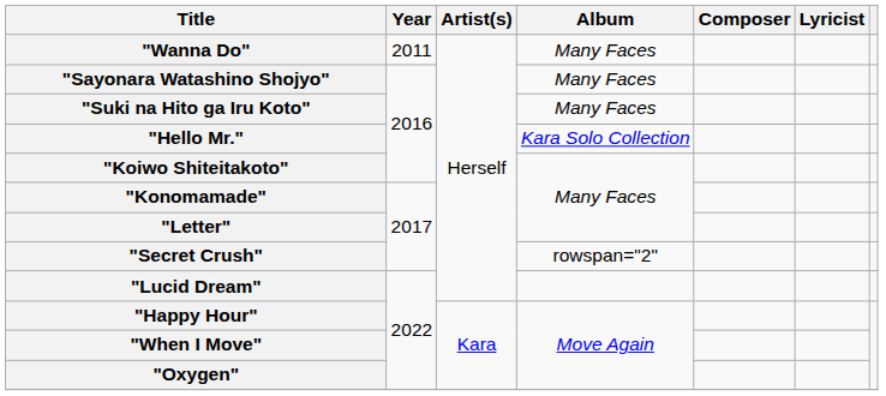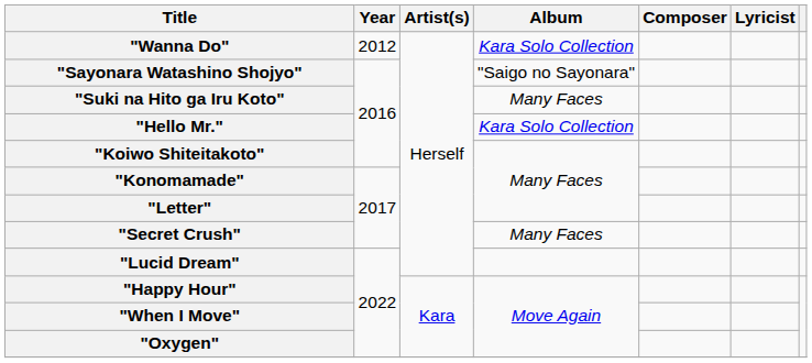 <table class="wikitable plainrowheaders sortable" style="text-align:center">
 <tr>
 <th scope="col" style="width:20em">Title</th>
 <th scope="col">Year</th>
 <th scope="col">Artist(s)</th>
 <th scope="col">Album</th>
 <th scope="col" class="unsortable">Composer</th>
 <th scope="col" class="unsortable">Lyricist</th>
 <th scope="col" class="unsortable"></th>
 </tr>
 <tr>
 <th scope="row">"Wanna Do"</th>
-<td>2011</td>
+<td>2012</td>
 <td rowspan="9">Herself</td>
-<td><em>Many Faces</em></td>
+<td><em><a href='#'>Kara Solo Collection</a></em></td>
 <td></td>
 <td></td>
 <td></td>
 </tr>
 <tr>
 <th scope="row">"Sayonara Watashino Shojyo" </th>
 <td rowspan="4">2016</td>
-<td><em>Many Faces</em></td>
+<td>"Saigo no Sayonara" </td>
 <td></td>
 <td></td>
 <td></td>
 </tr>
 <tr>
 <th scope="row">"Suki na Hito ga Iru Koto" </th>
 <td><em>Many Faces</em></td>
 <td></td>
 <td></td>
 <td></td>
 </tr>
 <tr>
 <th scope="row">"Hello Mr."</th>
 <td><em><a href='#'>Kara Solo Collection</a></em></td>
 <td></td>
 <td></td>
 <td></td>
 </tr>
 <tr>
 <th scope="row">"Koiwo Shiteitakoto" </th>
 <td rowspan="3"><em>Many Faces</em></td>
 <td></td>
 <td></td>
 <td></td>
 </tr>
 <tr>
 <th scope="row">"Konomamade" </th>
 <td rowspan="3">2017</td>
 <td></td>
 <td></td>
 <td></td>
 </tr>
 <tr>
 <th scope="row">"Letter"</th>
 <td></td>
 <td></td>
 <td></td>
 </tr>
 <tr>
 <th scope="row">"Secret Crush" </th>
-<td>rowspan="2" </td>
+<td><em>Many Faces</em></td>
 <td></td>
 <td></td>
 <td></td>
 </tr>
 <tr>
 <th scope="row">"Lucid Dream"</th>
 <td rowspan="4">2022</td>
 <td></td>
 <td></td>
 <td></td>
 </tr>
 <tr>
 <th scope="row">"Happy Hour"</th>
 <td rowspan="3"><a href='#'>Kara</a></td>
 <td rowspan="3"><em><a href='#'>Move Again</a></em></td>
 <td></td>
 <td></td>
 <td rowspan="3"><br></td>
 </tr>
 <tr>
 <th scope="row">"When I Move"</th>
 <td></td>
 <td></td>
 </tr>
 <tr>
 <th scope="row">"Oxygen"</th>
 <td></td>
 <td></td>
 </tr>
 <tr>
 </tr>
 </table>
